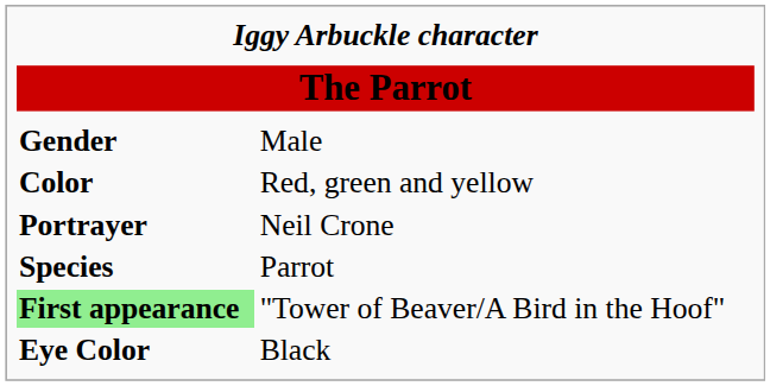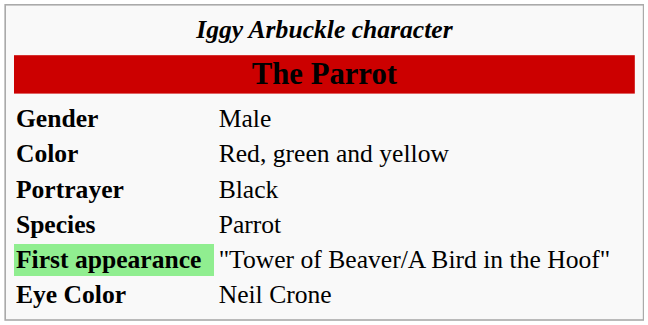 <table class="infobox" style="width: 25em;">
 <tr>
 <td colspan="2" style="text-align:center;"><strong><em>Iggy Arbuckle character</em></strong></td>
 </tr>
 <tr>
 <td colspan="2" style="text-align:center;"></td>
 </tr>
 <tr>
 <th colspan="2" style="font-size: larger; background-color:#c00; color:#000;"><strong>The Parrot</strong></th>
 </tr>
 <tr>
 <td colspan="2"></td>
 </tr>
 <tr>
 <td><strong>Gender</strong></td>
 <td>Male</td>
 </tr>
 <tr>
 <td><strong>Color</strong></td>
 <td>Red, green and yellow</td>
 </tr>
 <tr>
 <td><strong>Portrayer</strong></td>
-<td>Neil Crone</td>
+<td>Black</td>
 </tr>
 <tr>
 <td><strong>Species</strong></td>
 <td>Parrot</td>
 </tr>
 <tr>
 <td style="background: lightgreen;"><strong>First appearance</strong></td>
 <td>"Tower of Beaver/A Bird in the Hoof"</td>
 </tr>
 <tr>
 <td><strong>Eye Color</strong></td>
-<td>Black</td>
+<td>Neil Crone</td>
 </tr>
 </table>
